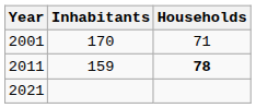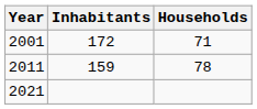 <table class="wikitable" style= "text-align: center;display: inline-table;">
 <tr>
 <th>Year</th>
 <th>Inhabitants</th>
 <th>Households</th>
 </tr>
 <tr>
 <td>2001</td>
-<td>170</td>
+<td>172</td>
 <td>71</td>
 </tr>
 <tr>
 <td>2011</td>
 <td>159</td>
-<td><strong>78</strong></td>
+<td>78</td>
 </tr>
 <tr>
 <td>2021</td>
 <td></td>
 <td></td>
 </tr>
 </table>
